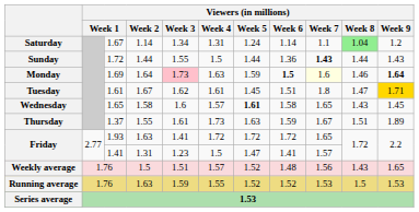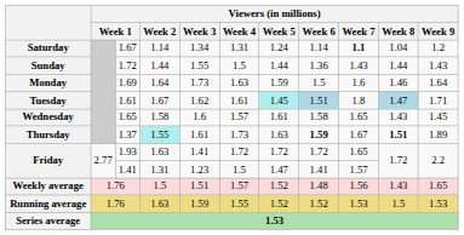 <table class="wikitable" style="font-size:90%; text-align:center; width: 100%; margin-left: auto; margin-right: auto;">
 <tr>
 <th rowspan=2></th>
 <th colspan=10>Viewers (in millions)</th>
 </tr>
 <tr>
 <th colspan=2>Week 1</th>
 <th>Week 2</th>
 <th>Week 3</th>
 <th>Week 4</th>
 <th>Week 5</th>
 <th>Week 6</th>
 <th>Week 7</th>
 <th>Week 8</th>
 <th>Week 9</th>
 </tr>
 <tr>
 <th>Saturday</th>
 <td rowspan="6" style="background:#CCCCCC"></td>
 <td>1.67</td>
 <td>1.14</td>
 <td>1.34</td>
 <td>1.31</td>
 <td>1.24</td>
 <td>1.14</td>
-<td>1.1</td>
-<td style="background: lightgreen;">1.04</td>
+<td><strong>1.1</strong></td>
+<td>1.04</td>
 <td>1.2</td>
 </tr>
 <tr>
 <th>Sunday</th>
 <td>1.72</td>
 <td>1.44</td>
 <td>1.55</td>
 <td>1.5</td>
 <td>1.44</td>
 <td>1.36</td>
-<td><strong>1.43</strong></td>
+<td>1.43</td>
 <td>1.44</td>
 <td>1.43</td>
 </tr>
 <tr>
 <th>Monday</th>
 <td>1.69</td>
 <td>1.64</td>
-<td style="background: pink;">1.73</td>
+<td>1.73</td>
 <td>1.63</td>
 <td>1.59</td>
-<td><strong>1.5</strong></td>
-<td style="background: lightyellow;">1.6</td>
+<td>1.5</td>
+<td>1.6</td>
 <td>1.46</td>
-<td><strong>1.64</strong></td>
+<td>1.64</td>
 </tr>
 <tr>
 <th>Tuesday</th>
 <td>1.61</td>
 <td>1.67</td>
 <td>1.62</td>
 <td>1.61</td>
-<td>1.45</td>
-<td>1.51</td>
+<td style="background: paleturquoise;">1.45</td>
+<td style="background: lightblue;">1.51</td>
 <td>1.8</td>
-<td>1.47</td>
-<td style="background: gold;">1.71</td>
+<td style="background: lightblue;">1.47</td>
+<td>1.71</td>
 </tr>
 <tr>
 <th>Wednesday</th>
 <td>1.65</td>
 <td>1.58</td>
 <td>1.6</td>
 <td>1.57</td>
-<td><strong>1.61</strong></td>
+<td>1.61</td>
 <td>1.58</td>
 <td>1.65</td>
 <td>1.43</td>
 <td>1.45</td>
 </tr>
 <tr>
 <th>Thursday</th>
 <td>1.37</td>
-<td>1.55</td>
+<td style="background: paleturquoise;">1.55</td>
 <td>1.61</td>
 <td>1.73</td>
 <td>1.63</td>
-<td>1.59</td>
+<td><strong>1.59</strong></td>
 <td>1.67</td>
-<td>1.51</td>
+<td><strong>1.51</strong></td>
 <td>1.89</td>
 </tr>
 <tr>
 <th rowspan="2">Friday</th>
 <td rowspan="2">2.77</td>
 <td>1.93</td>
 <td>1.63</td>
 <td>1.41</td>
 <td>1.72</td>
 <td>1.72</td>
 <td>1.72</td>
 <td>1.65</td>
 <td rowspan="2">1.72</td>
 <td rowspan="2">2.2</td>
 </tr>
 <tr>
 <td>1.41</td>
 <td>1.31</td>
 <td>1.23</td>
 <td>1.5</td>
 <td>1.47</td>
 <td>1.41</td>
 <td>1.57</td>
 </tr>
 <tr style="background:#FADADD;" |>
 <th>Weekly average</th>
 <td colspan=2>1.76</td>
 <td>1.5</td>
 <td>1.51</td>
 <td>1.57</td>
 <td>1.52</td>
 <td>1.48</td>
 <td>1.56</td>
 <td>1.43</td>
 <td>1.65</td>
 </tr>
 <tr style="background:#EEDC82;" |>
 <th>Running average</th>
 <td colspan=2>1.76</td>
 <td>1.63</td>
 <td>1.59</td>
 <td>1.55</td>
 <td>1.52</td>
 <td>1.52</td>
 <td>1.53</td>
 <td>1.5</td>
 <td>1.53</td>
 </tr>
 <tr style="background:#ADDFAD;" |>
 <th>Series average</th>
 <td colspan="10"><strong>1.53</strong></td>
 </tr>
 </table>
